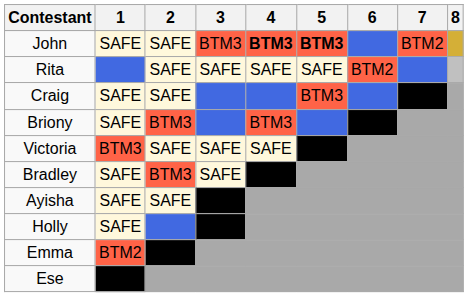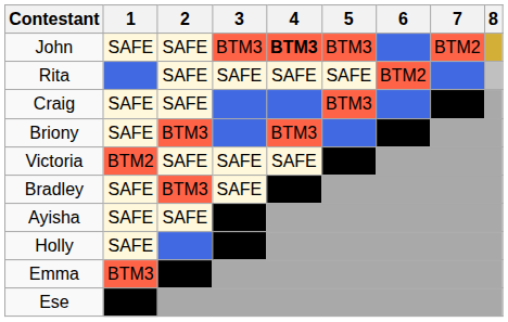 <table class="wikitable" border="2" style="text-align:center;font-size:96%">
 <tr>
 <th>Contestant</th>
 <th>1</th>
 <th>2</th>
 <th>3</th>
 <th>4</th>
 <th>5</th>
 <th>6</th>
 <th>7</th>
 <th>8</th>
 </tr>
 <tr>
 </tr>
 <tr>
 </tr>
 <tr>
 <td>John</td>
 <td style="background:cornsilk;">SAFE</td>
 <td style="background:cornsilk;">SAFE</td>
 <td style="background:tomato;">BTM3</td>
 <td style="background:tomato;"><strong>BTM3</strong></td>
-<td style="background:tomato;"><strong>BTM3</strong></td>
+<td style="background:tomato;">BTM3</td>
 <td style="background:royalblue;”"><strong></strong></td>
 <td style="background:tomato;">BTM2</td>
 <td style="background:#D4AF37"><strong></strong></td>
 </tr>
 <tr>
 <td>Rita</td>
 <td style="background:royalblue;”"><strong></strong></td>
 <td style="background:cornsilk;">SAFE</td>
 <td style="background:cornsilk;">SAFE</td>
 <td style="background:cornsilk;">SAFE</td>
 <td style="background:cornsilk;">SAFE</td>
 <td style="background:tomato;">BTM2</td>
 <td style="background:royalblue;”"><strong></strong></td>
 <td style="background:silver"><strong></strong></td>
 </tr>
 <tr>
 <td>Craig</td>
 <td style="background:cornsilk;">SAFE</td>
 <td style="background:cornsilk;">SAFE</td>
 <td style="background:royalblue;”"><strong></strong></td>
 <td style="background:royalblue;”"><strong></strong></td>
 <td style="background:tomato;">BTM3</td>
 <td style="background:royalblue;”"><strong></strong></td>
 <td style="background:black;"><strong></strong></td>
 <td colspan="10" style="background:darkgrey;"></td>
 </tr>
 <tr>
 <td>Briony</td>
 <td style="background:cornsilk;">SAFE</td>
 <td style="background:tomato;">BTM3</td>
 <td style="background:royalblue;”"><strong></strong></td>
 <td style="background:tomato;">BTM3</td>
 <td style="background:royalblue;”"><strong></strong></td>
 <td style="background:black;"><strong></strong></td>
 <td colspan="10" style="background:darkgrey;"></td>
 </tr>
 <tr>
 <td>Victoria</td>
-<td style="background:tomato;">BTM3</td>
+<td style="background:tomato;">BTM2</td>
 <td style="background:cornsilk;">SAFE</td>
 <td style="background:cornsilk;">SAFE</td>
 <td style="background:cornsilk;">SAFE</td>
 <td style="background:black;"><strong></strong></td>
 <td colspan="10" style="background:darkgrey;"></td>
 </tr>
 <tr>
 <td>Bradley</td>
 <td style="background:cornsilk;">SAFE</td>
 <td style="background:tomato;">BTM3</td>
 <td style="background:cornsilk;">SAFE</td>
 <td style="background:black;"><strong></strong></td>
 <td colspan="10" style="background:darkgrey;"></td>
 </tr>
 <tr>
 <td>Ayisha</td>
 <td style="background:cornsilk;">SAFE</td>
 <td style="background:cornsilk;">SAFE</td>
 <td style="background:black;"><strong></strong></td>
 <td colspan="10" style="background:darkgrey;"></td>
 </tr>
 <tr>
 <td>Holly</td>
 <td style="background:cornsilk;">SAFE</td>
 <td style="background:royalblue;”"><strong></strong></td>
 <td style="background:black;"><strong></strong></td>
 <td colspan="10" style="background:darkgrey;"></td>
 </tr>
 <tr>
 <td>Emma</td>
-<td style="background:tomato;">BTM2</td>
+<td style="background:tomato;">BTM3</td>
 <td style="background:black;"><strong></strong></td>
 <td colspan="10" style="background:darkgrey;"></td>
 </tr>
 <tr>
 <td>Ese</td>
 <td style="background:black;"><strong></strong></td>
 <td colspan="10" style="background:darkgrey;"></td>
 </tr>
 </table>
